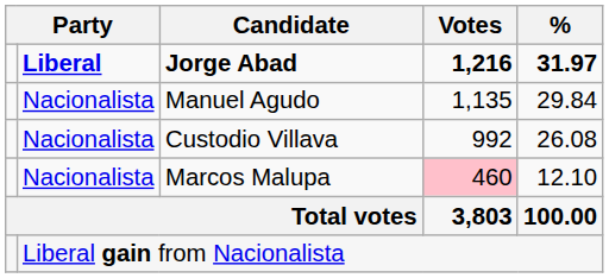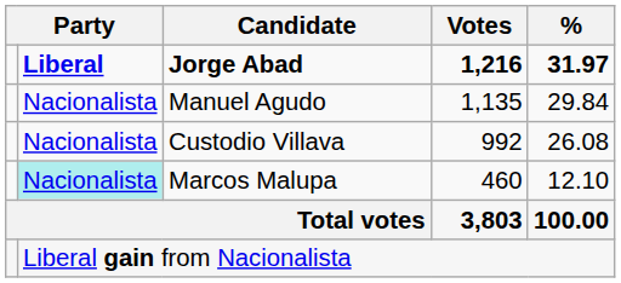 <table class="wikitable" style="font-size:90%; text-align:right;">
 <tr>
 <th colspan="2" style="width:75px;">Party</th>
 <th style="width:150px;">Candidate</th>
 <th style="width:50px;">Votes</th>
 <th style="width:10px;">%</th>
 </tr>
 <tr>
 <td style="background:"></td>
 <td style="text-align:left;"><strong><a href='#'>Liberal</a></strong></td>
 <td style="text-align:left;"><strong>Jorge Abad</strong></td>
 <td><strong>1,216</strong></td>
 <td><strong>31.97</strong></td>
 </tr>
 <tr>
 <td style="background:"></td>
 <td style="text-align:left;"><a href='#'>Nacionalista</a></td>
 <td style="text-align:left;">Manuel Agudo</td>
 <td>1,135</td>
 <td>29.84</td>
 </tr>
 <tr>
 <td style="background:"></td>
 <td style="text-align:left;"><a href='#'>Nacionalista</a></td>
 <td style="text-align:left;">Custodio Villava</td>
 <td>992</td>
 <td>26.08</td>
 </tr>
 <tr>
 <td style="background:"></td>
-<td style="text-align:left;"><a href='#'>Nacionalista</a></td>
+<td style="background: paleturquoise; text-align:left;"><a href='#'>Nacionalista</a></td>
 <td style="text-align:left;">Marcos Malupa</td>
-<td style="background: pink;">460</td>
+<td>460</td>
 <td>12.10</td>
 </tr>
 <tr style="background-color:#F6F6F6">
 <th colspan="3" style="text-align:right;">Total votes</th>
 <td><strong>3,803</strong></td>
 <td><strong>100.00</strong></td>
 </tr>
 <tr style="background-color:#F6F6F6">
 <td style="background:"></td>
 <td colspan="4" style="text-align:left;"><a href='#'>Liberal</a> <strong>gain</strong> from <a href='#'>Nacionalista</a></td>
 </tr>
 </table>
